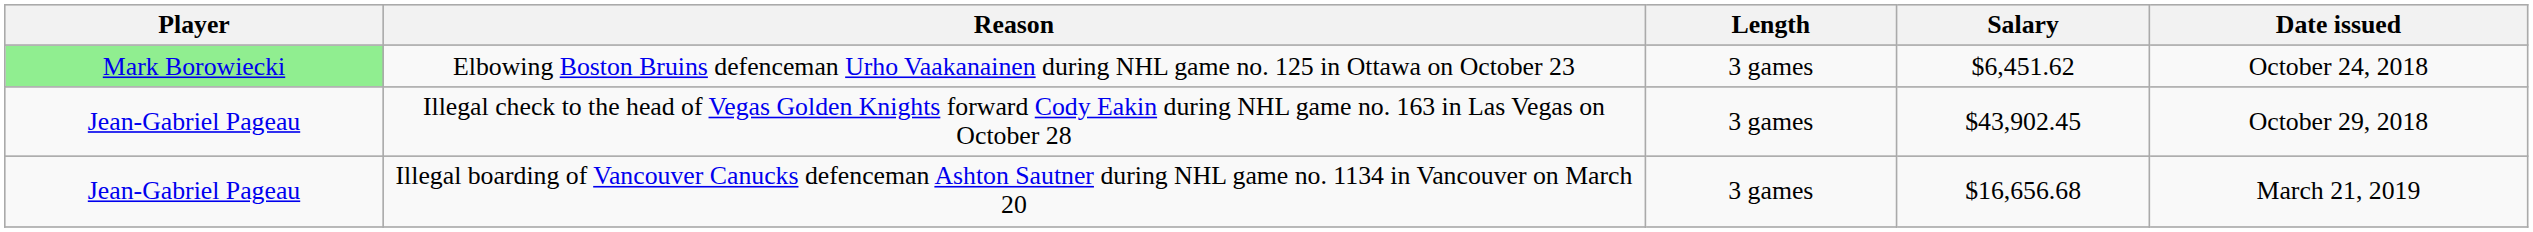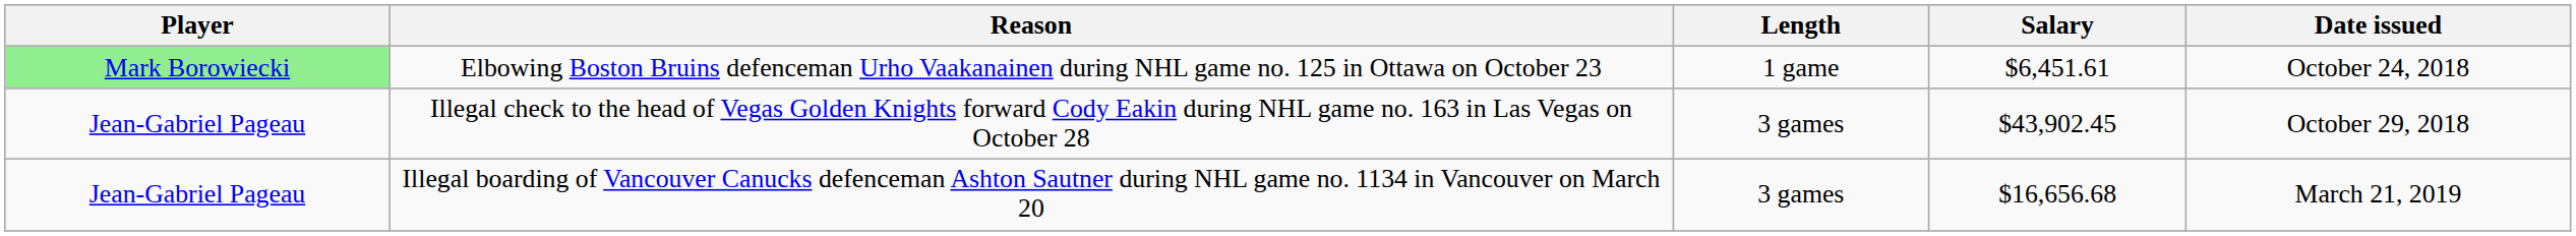 <table class="wikitable" style="text-align:center;">
 <tr>
 <th style="width:15%;">Player</th>
 <th style="width:50%;">Reason</th>
 <th style="width:10%;">Length</th>
 <th style="width:10%;">Salary</th>
 <th style="width:15%;">Date issued</th>
 </tr>
 <tr>
 <td style="background: lightgreen;"><a href='#'>Mark Borowiecki</a></td>
 <td>Elbowing <a href='#'>Boston Bruins</a> defenceman <a href='#'>Urho Vaakanainen</a> during NHL game no. 125 in Ottawa on October 23</td>
-<td>3 games</td>
-<td>$6,451.62</td>
+<td>1 game</td>
+<td>$6,451.61</td>
 <td>October 24, 2018</td>
 </tr>
 <tr>
 <td><a href='#'>Jean-Gabriel Pageau</a></td>
 <td>Illegal check to the head of <a href='#'>Vegas Golden Knights</a> forward <a href='#'>Cody Eakin</a> during NHL game no. 163 in Las Vegas on October 28</td>
 <td>3 games</td>
 <td>$43,902.45</td>
 <td>October 29, 2018</td>
 </tr>
 <tr>
 <td><a href='#'>Jean-Gabriel Pageau</a></td>
 <td>Illegal boarding of <a href='#'>Vancouver Canucks</a> defenceman <a href='#'>Ashton Sautner</a> during NHL game no. 1134 in Vancouver on March 20</td>
 <td>3 games</td>
 <td>$16,656.68</td>
 <td>March 21, 2019</td>
 </tr>
 </table>
